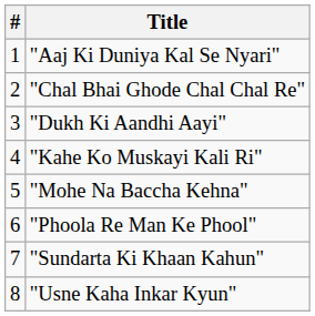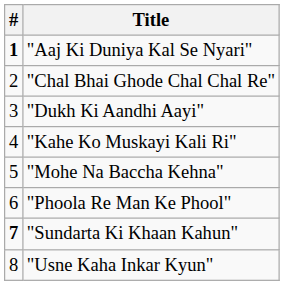 <table class="wikitable" style="font-size:95%;">
 <tr>
 <th>#</th>
 <th>Title</th>
 </tr>
 <tr>
-<td>1</td>
+<td><strong>1</strong></td>
 <td>"Aaj Ki Duniya Kal Se Nyari"</td>
 </tr>
 <tr>
 <td>2</td>
 <td>"Chal Bhai Ghode Chal Chal Re"</td>
 </tr>
 <tr>
 <td>3</td>
 <td>"Dukh Ki Aandhi Aayi"</td>
 </tr>
 <tr>
 <td>4</td>
 <td>"Kahe Ko Muskayi Kali Ri"</td>
 </tr>
 <tr>
 <td>5</td>
 <td>"Mohe Na Baccha Kehna"</td>
 </tr>
 <tr>
 <td>6</td>
 <td>"Phoola Re Man Ke Phool"</td>
 </tr>
 <tr>
-<td>7</td>
+<td><strong>7</strong></td>
 <td>"Sundarta Ki Khaan Kahun"</td>
 </tr>
 <tr>
 <td>8</td>
 <td>"Usne Kaha Inkar Kyun"</td>
 </tr>
 </table>
